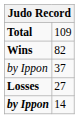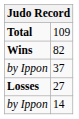 <table class="wikitable">
 <tr>
 <th colspan="2">Judo Record</th>
 </tr>
 <tr>
 <td><strong>Total</strong></td>
 <td>109</td>
 </tr>
 <tr>
 <td><strong>Wins</strong></td>
 <td>82</td>
 </tr>
 <tr>
 <td><em>by Ippon</em></td>
 <td>37</td>
 </tr>
 <tr>
 <td><strong>Losses</strong></td>
 <td>27</td>
 </tr>
 <tr>
-<td><strong><em>by Ippon</em></strong></td>
+<td><em>by Ippon</em></td>
 <td>14</td>
 </tr>
 </table>
